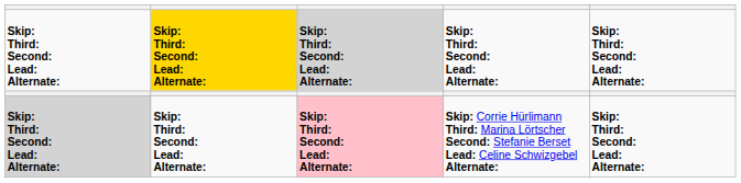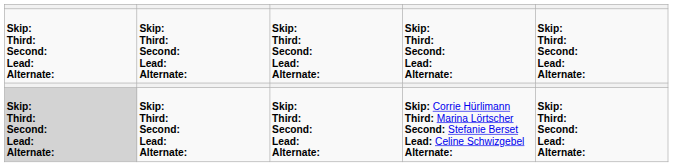 <table class="wikitable">
 <tr>
 <th width=200></th>
 <th width=200></th>
 <th width=200></th>
 <th width=200></th>
 <th width=200></th>
 </tr>
 <tr>
 <td><br><strong>Skip:</strong> <br> <strong>Third:</strong> <br> <strong>Second:</strong> <br> <strong>Lead:</strong> <br> <strong>Alternate:</strong></td>
-<td style="background: gold;"><br><strong>Skip:</strong> <br> <strong>Third:</strong> <br> <strong>Second:</strong> <br> <strong>Lead:</strong> <br> <strong>Alternate:</strong></td>
-<td style="background: lightgrey;"><br><strong>Skip:</strong> <br> <strong>Third:</strong> <br> <strong>Second:</strong> <br> <strong>Lead:</strong> <br> <strong>Alternate:</strong></td>
+<td><br><strong>Skip:</strong> <br> <strong>Third:</strong> <br> <strong>Second:</strong> <br> <strong>Lead:</strong> <br> <strong>Alternate:</strong></td>
+<td><br><strong>Skip:</strong> <br> <strong>Third:</strong> <br> <strong>Second:</strong> <br> <strong>Lead:</strong> <br> <strong>Alternate:</strong></td>
 <td><br><strong>Skip:</strong> <br> <strong>Third:</strong> <br> <strong>Second:</strong> <br> <strong>Lead:</strong> <br> <strong>Alternate:</strong></td>
 <td><br><strong>Skip:</strong> <br> <strong>Third:</strong> <br> <strong>Second:</strong> <br> <strong>Lead:</strong> <br> <strong>Alternate:</strong></td>
 </tr>
 <tr>
 <th width=200></th>
 <th width=200></th>
 <th width=200></th>
 <th width=200></th>
 <th width=200></th>
 </tr>
 <tr>
 <td style="background: lightgrey;"><br><strong>Skip:</strong> <br> <strong>Third:</strong> <br> <strong>Second:</strong> <br> <strong>Lead:</strong> <br> <strong>Alternate:</strong></td>
 <td><br><strong>Skip:</strong> <br> <strong>Third:</strong> <br> <strong>Second:</strong> <br> <strong>Lead:</strong> <br> <strong>Alternate:</strong></td>
-<td style="background: pink;"><br><strong>Skip:</strong> <br> <strong>Third:</strong> <br> <strong>Second:</strong> <br> <strong>Lead:</strong> <br> <strong>Alternate:</strong></td>
+<td><br><strong>Skip:</strong> <br> <strong>Third:</strong> <br> <strong>Second:</strong> <br> <strong>Lead:</strong> <br> <strong>Alternate:</strong></td>
 <td><br><strong>Skip:</strong> <a href='#'>Corrie Hürlimann</a><br> <strong>Third:</strong> <a href='#'>Marina Lörtscher</a><br> <strong>Second:</strong> <a href='#'>Stefanie Berset</a><br> <strong>Lead:</strong> <a href='#'>Celine Schwizgebel</a><br> <strong>Alternate:</strong></td>
 <td><br><strong>Skip:</strong> <br> <strong>Third:</strong> <br> <strong>Second:</strong> <br> <strong>Lead:</strong> <br> <strong>Alternate:</strong></td>
 </tr>
 </table>
